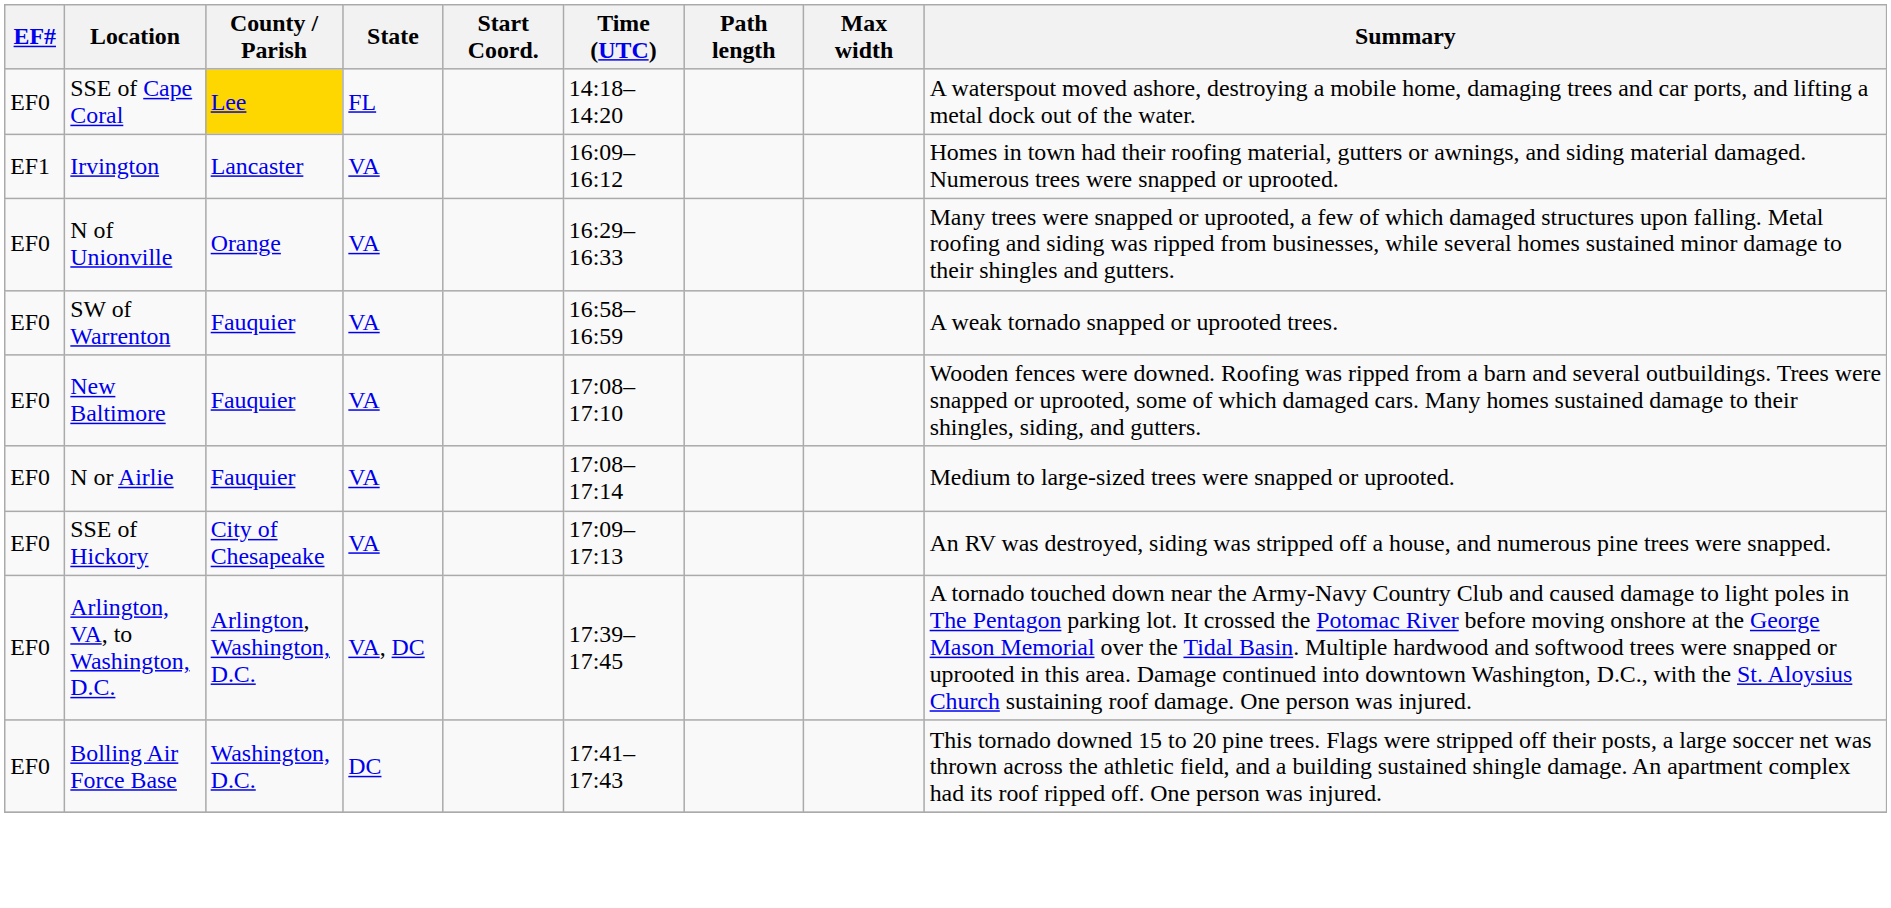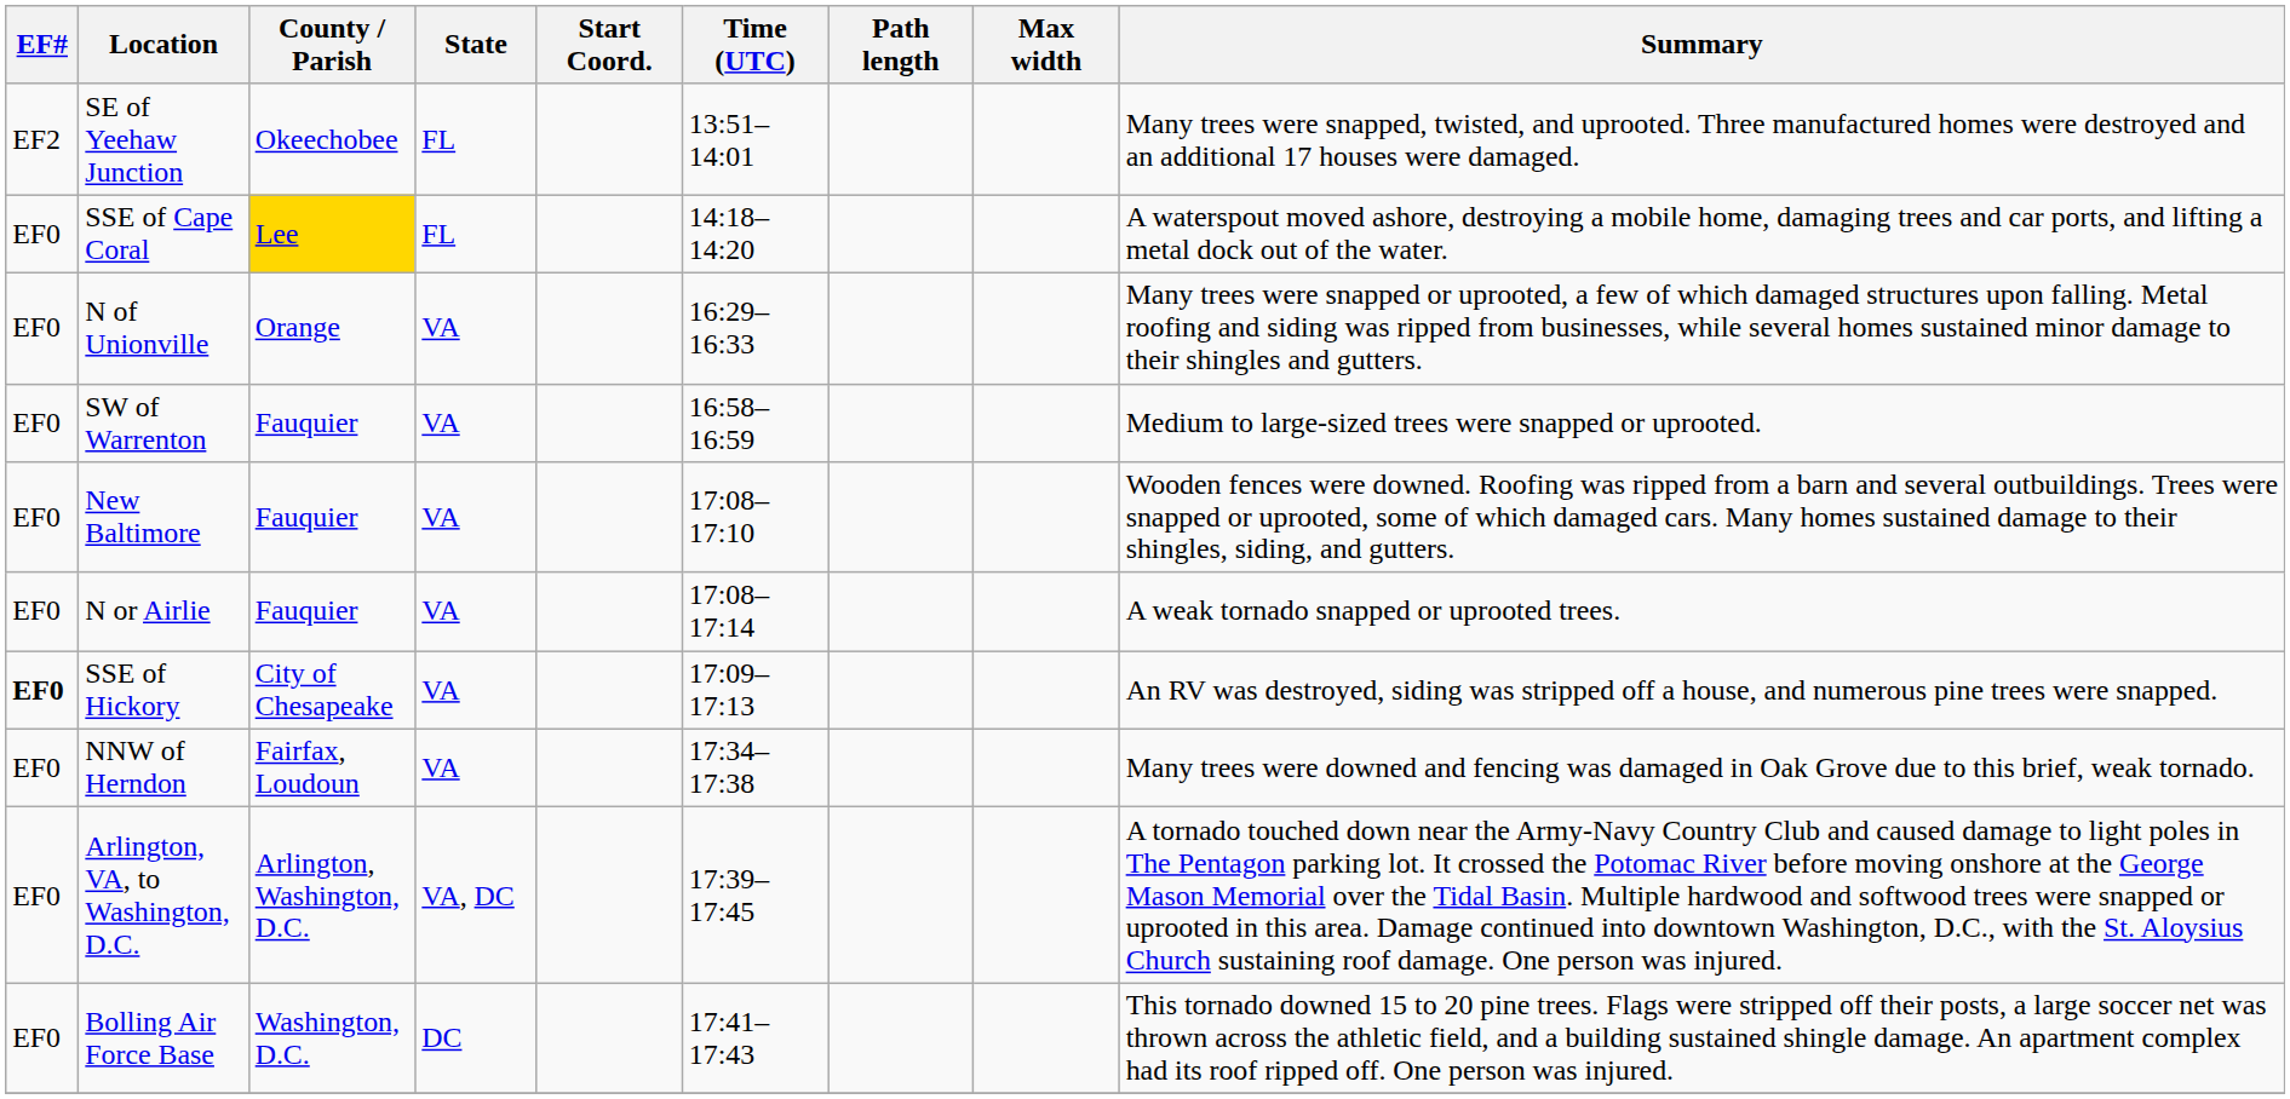 <table class="wikitable sortable" style="width:100%;">
 <tr>
 <th scope="col"  style="width:3%; text-align:center;"><a href='#'>EF#</a></th>
 <th scope="col"  style="width:7%; text-align:center;" class="unsortable">Location</th>
 <th scope="col"  style="width:6%; text-align:center;" class="unsortable">County / Parish</th>
 <th scope="col"  style="width:5%; text-align:center;">State</th>
 <th scope="col"  style="width:6%; text-align:center;">Start Coord.</th>
 <th scope="col"  style="width:6%; text-align:center;">Time (<a href='#'>UTC</a>)</th>
 <th scope="col"  style="width:6%; text-align:center;">Path length</th>
 <th scope="col"  style="width:6%; text-align:center;">Max width</th>
 <th scope="col" class="unsortable" style="width:48%; text-align:center;">Summary</th>
 </tr>
 <tr>
+<td>EF2</td>
+<td>SE of <a href='#'>Yeehaw Junction</a></td>
+<td><a href='#'>Okeechobee</a></td>
+<td><a href='#'>FL</a></td>
+<td></td>
+<td>13:51–14:01</td>
+<td></td>
+<td></td>
+<td>Many trees were snapped, twisted, and uprooted. Three manufactured homes were destroyed and an additional 17 houses were damaged.</td>
+</tr>
+<tr>
 <td>EF0</td>
 <td>SSE of <a href='#'>Cape Coral</a></td>
 <td style="background: gold;"><a href='#'>Lee</a></td>
 <td><a href='#'>FL</a></td>
 <td></td>
 <td>14:18–14:20</td>
 <td></td>
 <td></td>
 <td>A waterspout moved ashore, destroying a mobile home, damaging trees and car ports, and lifting a metal dock out of the water.</td>
-</tr>
-<tr>
-<td>EF1</td>
-<td><a href='#'>Irvington</a></td>
-<td><a href='#'>Lancaster</a></td>
-<td><a href='#'>VA</a></td>
-<td></td>
-<td>16:09–16:12</td>
-<td></td>
-<td></td>
-<td>Homes in town had their roofing material, gutters or awnings, and siding material damaged. Numerous trees were snapped or uprooted.</td>
 </tr>
 <tr>
 <td>EF0</td>
 <td>N of <a href='#'>Unionville</a></td>
 <td><a href='#'>Orange</a></td>
 <td><a href='#'>VA</a></td>
 <td></td>
 <td>16:29–16:33</td>
 <td></td>
 <td></td>
 <td>Many trees were snapped or uprooted, a few of which damaged structures upon falling. Metal roofing and siding was ripped from businesses, while several homes sustained minor damage to their shingles and gutters.</td>
 </tr>
 <tr>
 <td>EF0</td>
 <td>SW of <a href='#'>Warrenton</a></td>
 <td><a href='#'>Fauquier</a></td>
 <td><a href='#'>VA</a></td>
 <td></td>
 <td>16:58–16:59</td>
 <td></td>
 <td></td>
-<td>A weak tornado snapped or uprooted trees.</td>
+<td>Medium to large-sized trees were snapped or uprooted.</td>
 </tr>
 <tr>
 <td>EF0</td>
 <td><a href='#'>New Baltimore</a></td>
 <td><a href='#'>Fauquier</a></td>
 <td><a href='#'>VA</a></td>
 <td></td>
 <td>17:08–17:10</td>
 <td></td>
 <td></td>
 <td>Wooden fences were downed. Roofing was ripped from a barn and several outbuildings. Trees were snapped or uprooted, some of which damaged cars. Many homes sustained damage to their shingles, siding, and gutters.</td>
 </tr>
 <tr>
 <td>EF0</td>
 <td>N or <a href='#'>Airlie</a></td>
 <td><a href='#'>Fauquier</a></td>
 <td><a href='#'>VA</a></td>
 <td></td>
 <td>17:08–17:14</td>
 <td></td>
 <td></td>
-<td>Medium to large-sized trees were snapped or uprooted.</td>
+<td>A weak tornado snapped or uprooted trees.</td>
 </tr>
 <tr>
-<td>EF0</td>
+<td><strong>EF0</strong></td>
 <td>SSE of <a href='#'>Hickory</a></td>
 <td><a href='#'>City of Chesapeake</a></td>
 <td><a href='#'>VA</a></td>
 <td></td>
 <td>17:09–17:13</td>
 <td></td>
 <td></td>
 <td>An RV was destroyed, siding was stripped off a house, and numerous pine trees were snapped.</td>
+</tr>
+<tr>
+<td>EF0</td>
+<td>NNW of <a href='#'>Herndon</a></td>
+<td><a href='#'>Fairfax</a>, <a href='#'>Loudoun</a></td>
+<td><a href='#'>VA</a></td>
+<td></td>
+<td>17:34–17:38</td>
+<td></td>
+<td></td>
+<td>Many trees were downed and fencing was damaged in Oak Grove due to this brief, weak tornado.</td>
 </tr>
 <tr>
 <td>EF0</td>
 <td><a href='#'>Arlington, VA</a>, to <a href='#'>Washington, D.C.</a></td>
 <td><a href='#'>Arlington</a>, <a href='#'>Washington, D.C.</a></td>
 <td><a href='#'>VA</a>, <a href='#'>DC</a></td>
 <td></td>
 <td>17:39–17:45</td>
 <td></td>
 <td></td>
 <td>A tornado touched down near the Army-Navy Country Club and caused damage to light poles in <a href='#'>The Pentagon</a> parking lot. It crossed the <a href='#'>Potomac River</a> before moving onshore at the <a href='#'>George Mason Memorial</a> over the <a href='#'>Tidal Basin</a>. Multiple hardwood and softwood trees were snapped or uprooted in this area. Damage continued into downtown Washington, D.C., with the <a href='#'>St. Aloysius Church</a> sustaining roof damage. One person was injured.</td>
 </tr>
 <tr>
 <td>EF0</td>
 <td><a href='#'>Bolling Air Force Base</a></td>
 <td><a href='#'>Washington, D.C.</a></td>
 <td><a href='#'>DC</a></td>
 <td></td>
 <td>17:41–17:43</td>
 <td></td>
 <td></td>
 <td>This tornado downed 15 to 20 pine trees. Flags were stripped off their posts, a large soccer net was thrown across the athletic field, and a building sustained shingle damage. An apartment complex had its roof ripped off. One person was injured.</td>
 </tr>
 <tr>
 </tr>
 </table>
